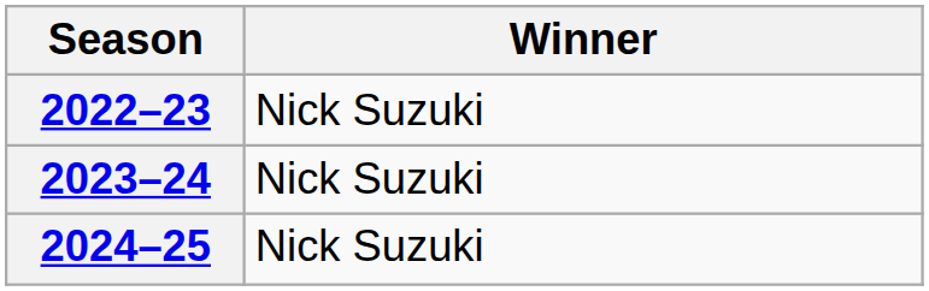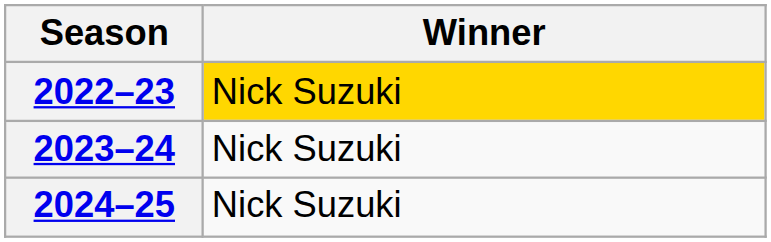 <table class="wikitable">
 <tr>
 <th scope="col" style="width:5em">Season</th>
 <th scope="col" style="width:15em">Winner</th>
 </tr>
 <tr>
 <th scope="row"><a href='#'>2022–23</a></th>
-<td>Nick Suzuki</td>
+<td style="background: gold;">Nick Suzuki</td>
 </tr>
 <tr>
 <th scope="row"><a href='#'>2023–24</a></th>
 <td>Nick Suzuki</td>
 </tr>
 <tr>
 <th scope="row"><a href='#'>2024–25</a></th>
 <td>Nick Suzuki</td>
 </tr>
 </table>
